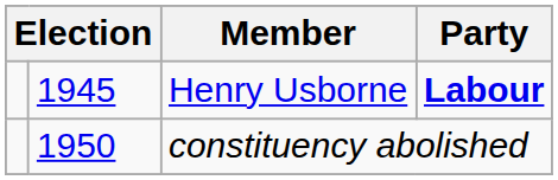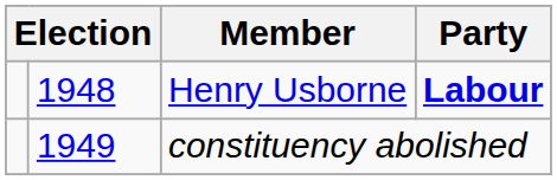 <table class="wikitable">
 <tr>
 <th colspan="2">Election</th>
 <th>Member</th>
 <th>Party</th>
 </tr>
 <tr>
 <td style="color:inherit;background-color: "></td>
-<td><a href='#'>1945</a></td>
+<td><a href='#'>1948</a></td>
 <td><a href='#'>Henry Usborne</a></td>
 <td><strong><a href='#'>Labour</a></strong></td>
 </tr>
 <tr>
 <td></td>
-<td><a href='#'>1950</a></td>
+<td><a href='#'>1949</a></td>
 <td colspan="2"><em>constituency abolished</em></td>
 </tr>
 </table>
